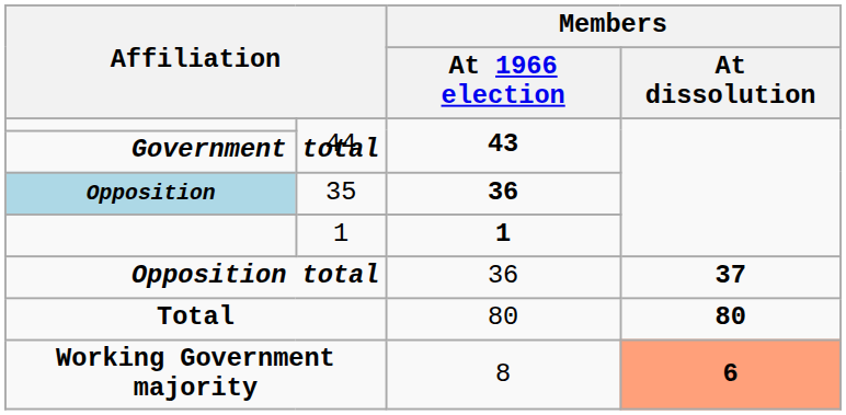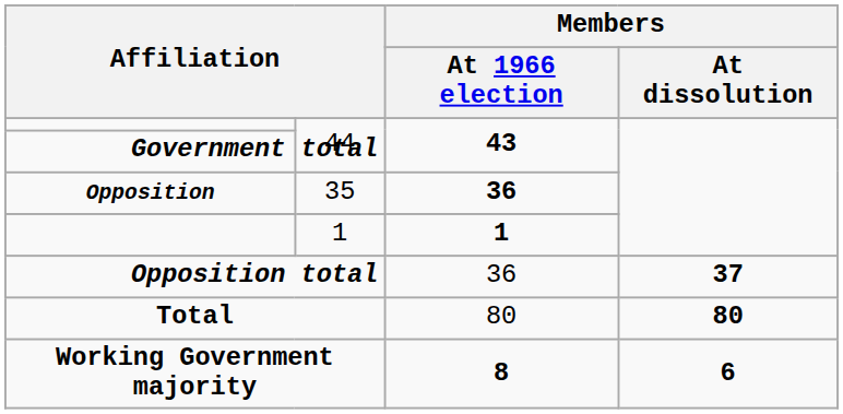 <table class="wikitable" border="1" style="font-size:95%; width:300pt; text-align:center">
 <tr>
 <th colspan="2" rowspan="2" style="text-align:center;vertical-align:middle; ">Affiliation</th>
 <th colspan="2" style="vertical-align:top;">Members</th>
 </tr>
 <tr>
 <th>At <a href='#'>1966 election</a></th>
 <th>At dissolution</th>
 </tr>
 <tr>
 <td></td>
 <td rowspan="2">44</td>
 <td rowspan="2"><strong>43</strong></td>
 </tr>
 <tr>
 <td colspan="2" rowspan="1" style="text-align:right; "><strong><em>Government total</em></strong></td>
 </tr>
 <tr>
-<td style="background: lightblue;"> <small><strong><em>Opposition</em></strong></small></td>
+<td> <small><strong><em>Opposition</em></strong></small></td>
 <td>35</td>
 <td><strong>36</strong></td>
 </tr>
 <tr>
 <td></td>
 <td>1</td>
 <td><strong>1</strong></td>
 </tr>
 <tr>
 <td colspan="2" rowspan="1" style="text-align:right; "><strong><em>Opposition total</em></strong></td>
 <td>36</td>
 <td><strong>37</strong></td>
 </tr>
 <tr>
 <td colspan="2" rowspan="1"><strong>Total</strong><br></td>
 <td>80</td>
 <td><strong>80</strong></td>
 </tr>
 <tr>
 <td colspan="2" rowspan="1"><strong>Working Government majority</strong></td>
-<td>8</td>
-<td style="background: lightsalmon;"><strong>6</strong></td>
+<td><strong>8</strong></td>
+<td><strong>6</strong></td>
 </tr>
 </table>
